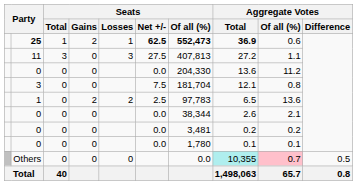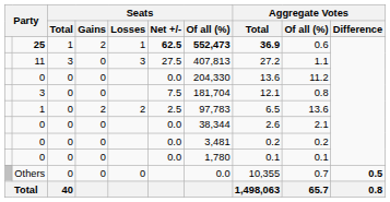 <table class="wikitable sortable" style="text-align:right; font-size:95%;">
 <tr>
 <th colspan="2" rowspan="2">Party</th>
 <th colspan="5">Seats</th>
 <th colspan="3">Aggregate Votes</th>
 </tr>
 <tr>
 <th>Total</th>
 <th>Gains</th>
 <th>Losses</th>
 <th>Net +/-</th>
 <th>Of all (%)</th>
 <th>Total</th>
 <th>Of all (%)</th>
 <th>Difference</th>
 </tr>
 <tr>
 <td></td>
 <td><strong>25</strong></td>
 <td>1</td>
 <td>2</td>
 <td>1</td>
 <td><strong>62.5</strong></td>
 <td><strong>552,473</strong></td>
 <td><strong>36.9</strong></td>
 <td>0.6</td>
 </tr>
 <tr>
 <td></td>
 <td>11</td>
 <td>3</td>
 <td>0</td>
 <td>3</td>
 <td>27.5</td>
 <td>407,813</td>
 <td>27.2</td>
 <td>1.1</td>
 </tr>
 <tr>
 <td></td>
 <td>0</td>
 <td>0</td>
 <td>0</td>
 <td></td>
 <td>0.0</td>
 <td>204,330</td>
 <td>13.6</td>
 <td>11.2</td>
 </tr>
 <tr>
 <td></td>
 <td>3</td>
 <td>0</td>
 <td>0</td>
 <td></td>
 <td>7.5</td>
 <td>181,704</td>
 <td>12.1</td>
 <td>0.8</td>
 </tr>
 <tr>
 <td></td>
 <td>1</td>
 <td>0</td>
 <td>2</td>
 <td>2</td>
 <td>2.5</td>
 <td>97,783</td>
 <td>6.5</td>
 <td>13.6</td>
 </tr>
 <tr>
 <td></td>
 <td>0</td>
 <td>0</td>
 <td>0</td>
 <td></td>
 <td>0.0</td>
 <td>38,344</td>
 <td>2.6</td>
 <td>2.1</td>
 </tr>
 <tr>
 <td></td>
 <td>0</td>
 <td>0</td>
 <td>0</td>
 <td></td>
 <td>0.0</td>
 <td>3,481</td>
 <td>0.2</td>
 <td>0.2</td>
 </tr>
 <tr>
 <td></td>
 <td>0</td>
 <td>0</td>
 <td>0</td>
 <td></td>
 <td>0.0</td>
 <td>1,780</td>
 <td>0.1</td>
 <td>0.1</td>
 </tr>
 <tr>
 <td style="background:silver;"> </td>
 <td align=left>Others</td>
 <td>0</td>
 <td>0</td>
 <td>0</td>
 <td></td>
 <td>0.0</td>
-<td style="background: paleturquoise;">10,355</td>
-<td style="background: pink;">0.7</td>
-<td>0.5</td>
+<td>10,355</td>
+<td>0.7</td>
+<td><strong>0.5</strong></td>
 </tr>
 <tr class="sortbottom">
 <th colspan="2" style="background:#f2f2f2"><strong>Total</strong></th>
 <td style="background:#f2f2f2;"><strong>40</strong></td>
 <td style="background:#f2f2f2;"></td>
 <td style="background:#f2f2f2;"></td>
 <td style="background:#f2f2f2;"></td>
 <td style="background:#f2f2f2;"></td>
 <td style="background:#f2f2f2;"><strong>1,498,063</strong></td>
 <td style="background:#f2f2f2;"><strong>65.7</strong></td>
 <td style="background:#f2f2f2;"><strong>0.8</strong></td>
 </tr>
 </table>
